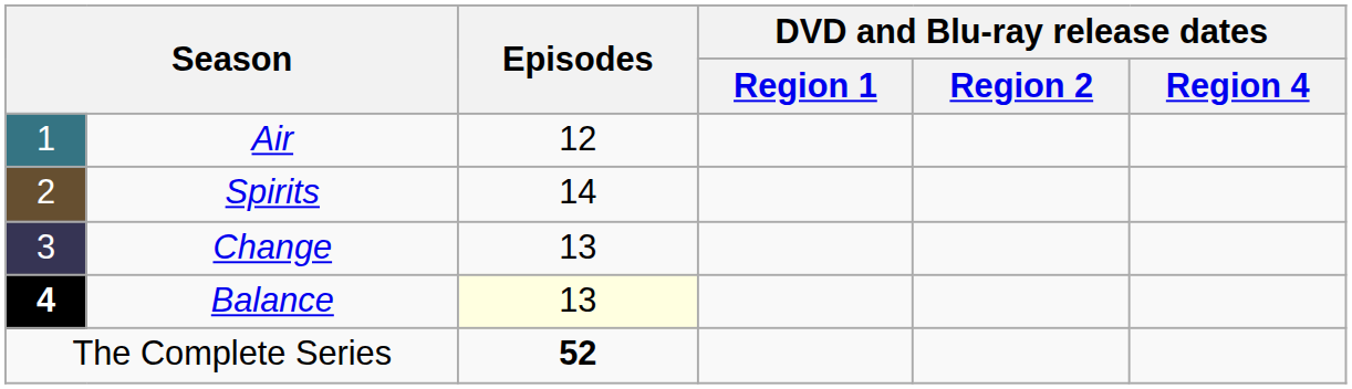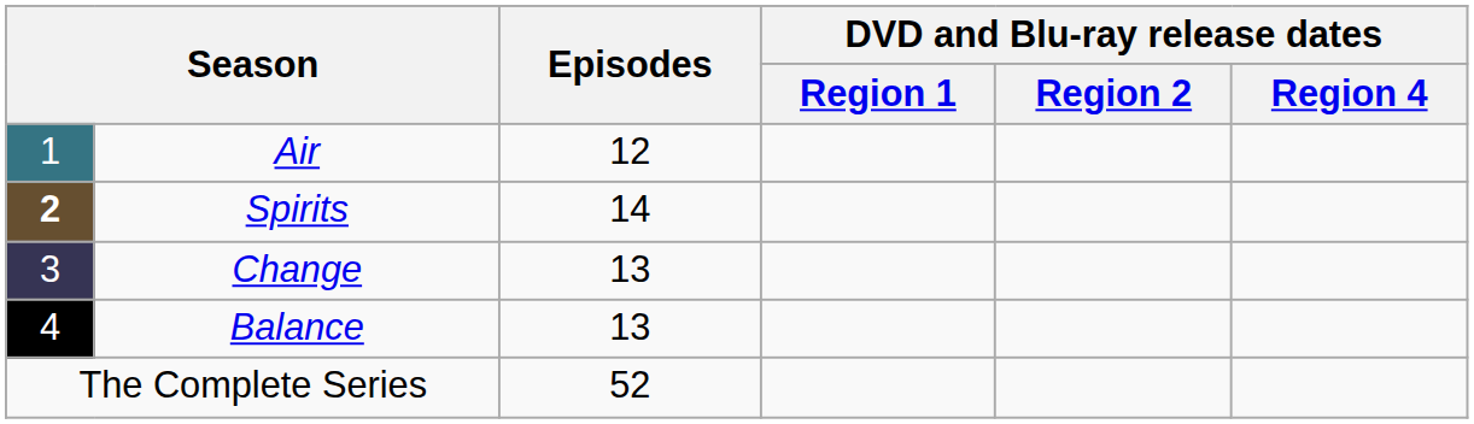 <table class="wikitable" style="text-align:center;" width="50%">
 <tr>
 <th rowspan="2" colspan="2">Season</th>
 <th style="padding:0 8px;" rowspan="2">Episodes</th>
 <th colspan="3">DVD and Blu-ray release dates</th>
 </tr>
 <tr>
 <th><a href='#'>Region 1</a></th>
 <th><a href='#'>Region 2</a></th>
 <th><a href='#'>Region 4</a></th>
 </tr>
 <tr>
 <td style="background:#357483; color:#fff;">1</td>
 <td><em><a href='#'>Air</a></em></td>
 <td>12</td>
 <td></td>
 <td style="padding:0 8px;"></td>
 <td style="padding:0 8px;"></td>
 </tr>
 <tr>
-<td style="background:#664f30; color:#fff;">2</td>
+<td style="background:#664f30; color:#fff;"><strong>2</strong></td>
 <td><em><a href='#'>Spirits</a></em></td>
 <td>14</td>
 <td></td>
 <td></td>
 <td></td>
 </tr>
 <tr>
 <td style="background:#363454; color:#fff;">3</td>
 <td><em><a href='#'>Change</a></em></td>
 <td>13</td>
 <td style="padding:0 8px;"></td>
 <td></td>
 <td></td>
 </tr>
 <tr>
-<td style="background:#000000; color:#fff;"><strong>4</strong></td>
+<td style="background:#000000; color:#fff;">4</td>
 <td style="padding:0 8px;"><em><a href='#'>Balance</a></em></td>
-<td style="background: lightyellow;">13</td>
+<td>13</td>
 <td></td>
 <td></td>
 <td></td>
 </tr>
 <tr>
 <td style="padding:0 8px;" colspan=2>The Complete Series</td>
-<td><strong>52</strong></td>
+<td>52</td>
 <td></td>
 <td></td>
 <td></td>
 </tr>
 </table>
